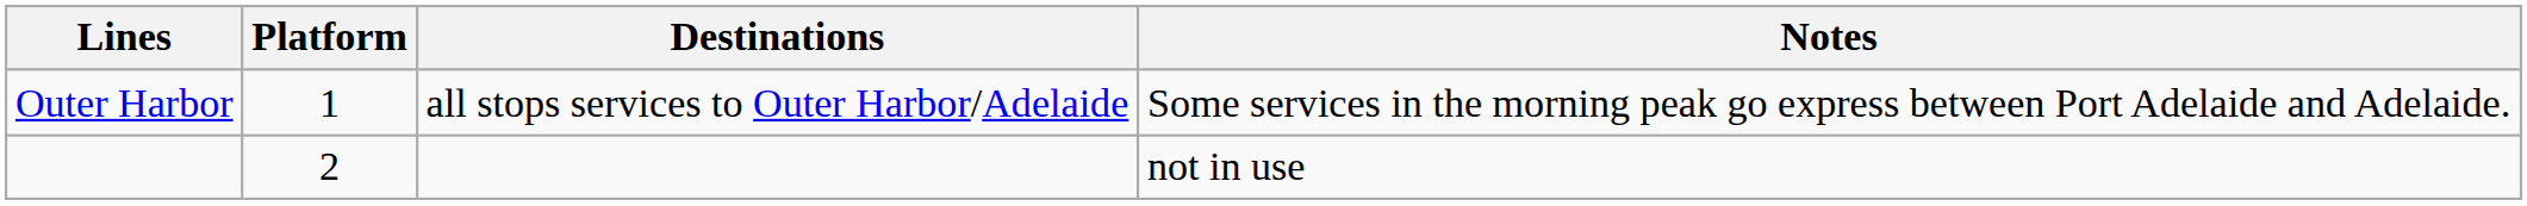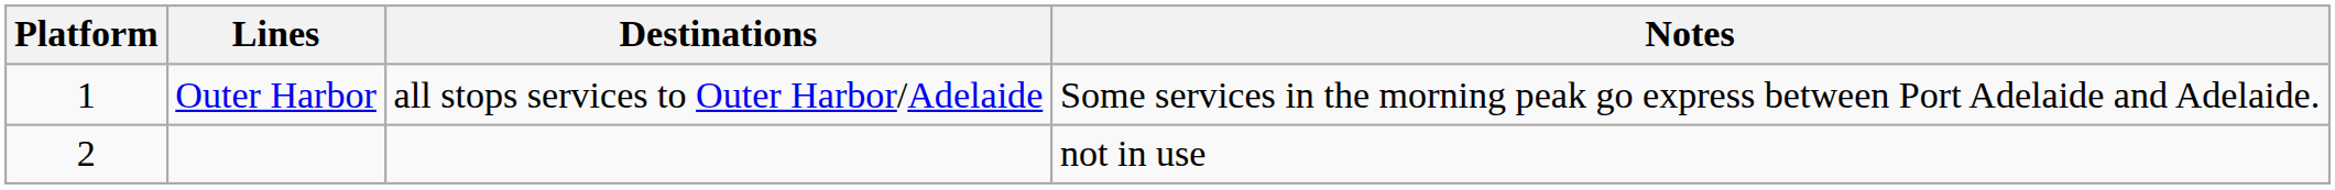 <table class="wikitable" style="float: none; margin: 0.5em; ">
 <tr>
+<th>Platform</th>
 <th>Lines</th>
-<th>Platform</th>
 <th>Destinations</th>
 <th>Notes</th>
 </tr>
 <tr>
+<td rowspan="1" style="text-align:center;">1</td>
 <td style=background:#><a href='#'><span>Outer Harbor</span></a></td>
-<td rowspan="1" style="text-align:center;">1</td>
 <td>all stops services to <a href='#'>Outer Harbor</a>/<a href='#'>Adelaide</a></td>
 <td>Some services in the morning peak go express between Port Adelaide and Adelaide.</td>
 </tr>
 <tr>
+<td rowspan="1" style="text-align:center;">2</td>
 <td></td>
-<td rowspan="1" style="text-align:center;">2</td>
 <td></td>
 <td>not in use</td>
 </tr>
 </table>
